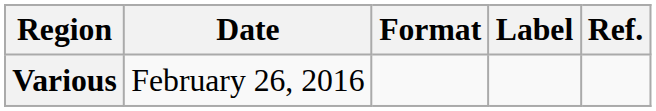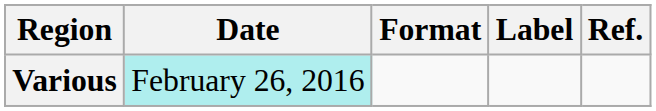 <table class="wikitable plainrowheaders">
 <tr>
 <th>Region</th>
 <th>Date</th>
 <th>Format</th>
 <th>Label</th>
 <th>Ref.</th>
 </tr>
 <tr>
 <th scope="row">Various</th>
-<td>February 26, 2016</td>
+<td style="background: paleturquoise;">February 26, 2016</td>
 <td></td>
 <td></td>
 </tr>
 </table>
